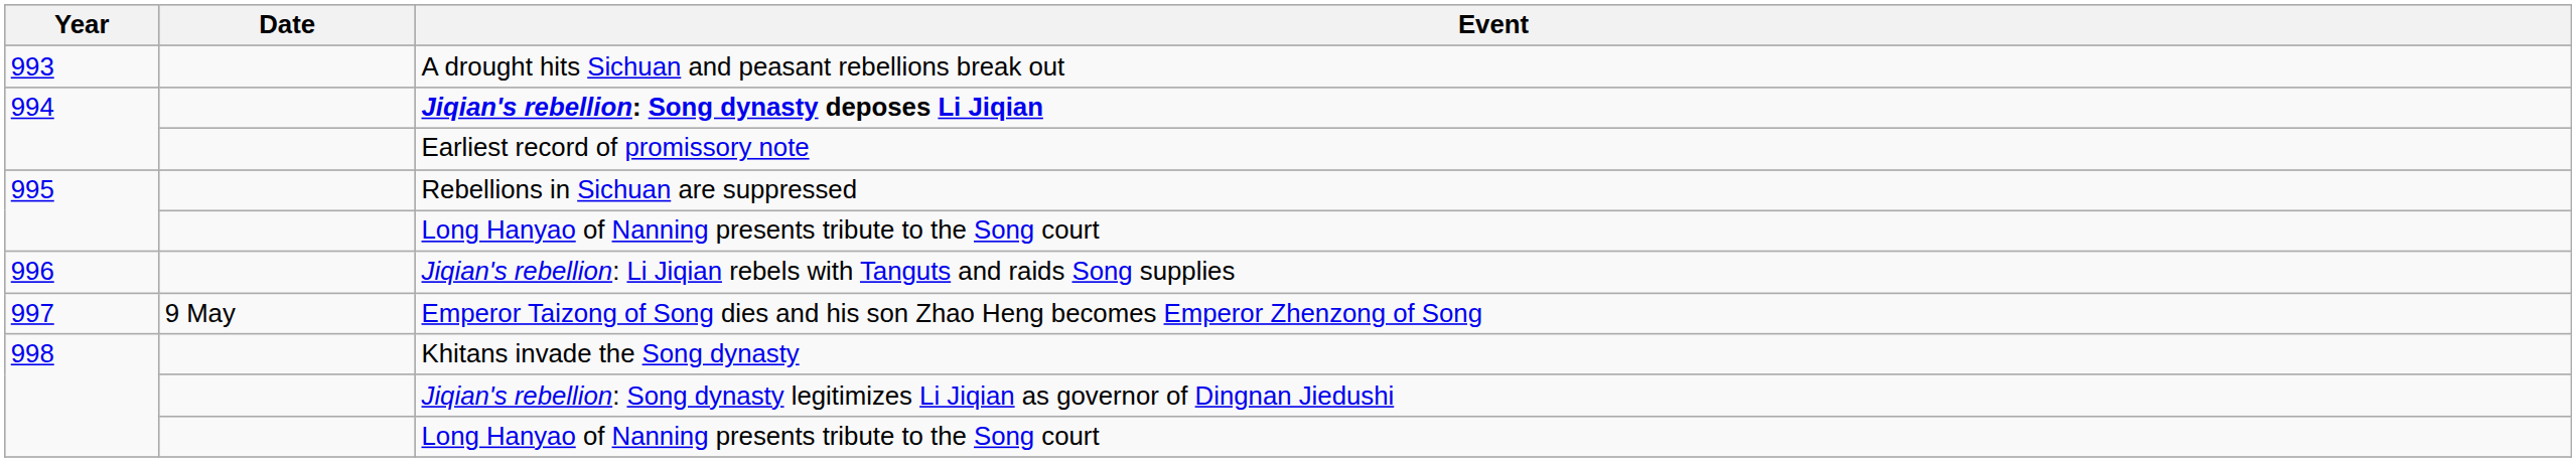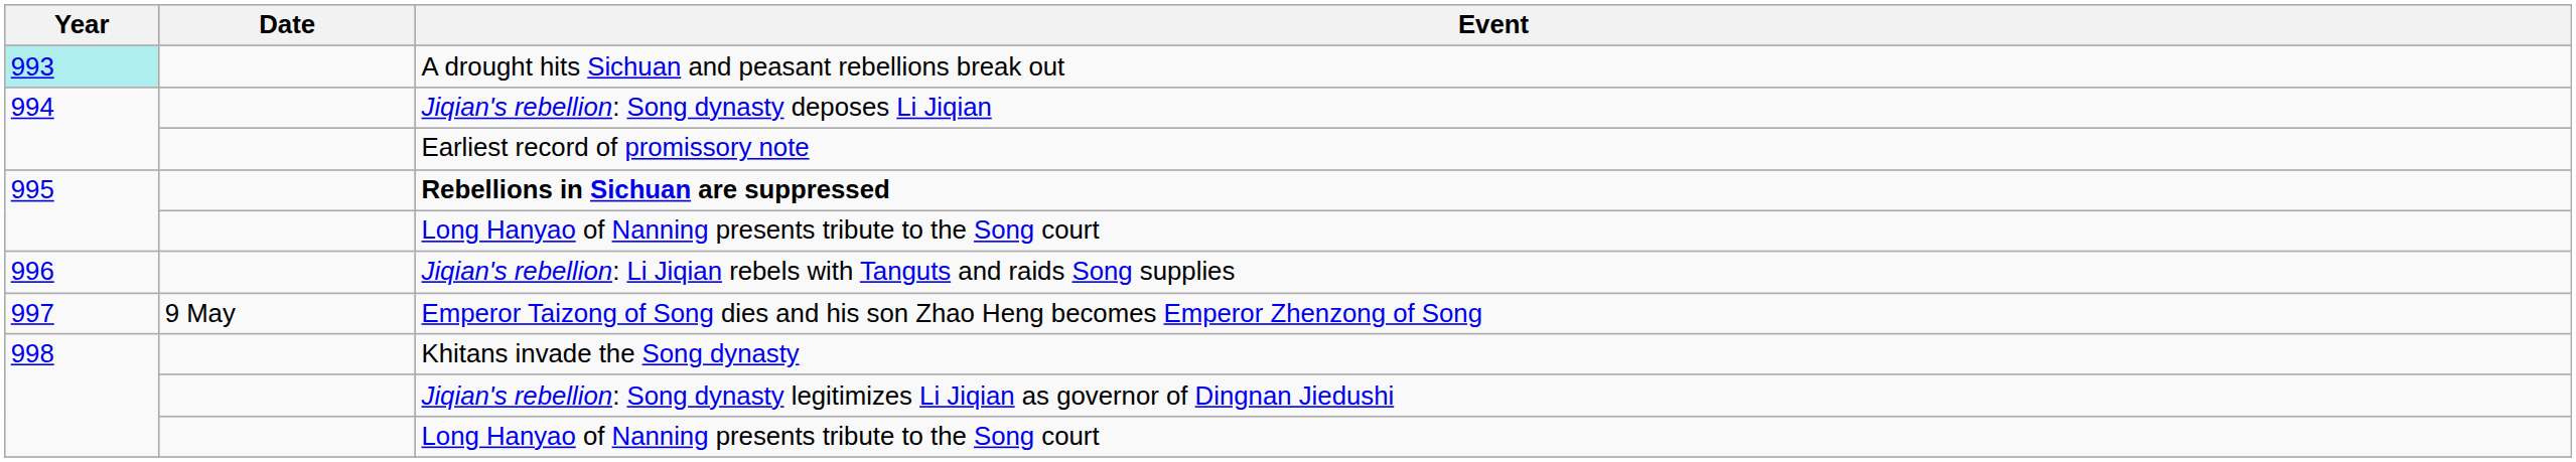 <table class="wikitable" width="100%">
 <tr>
 <th style="width:6%">Year</th>
 <th style="width:10%">Date</th>
 <th>Event</th>
 </tr>
 <tr>
-<td><a href='#'>993</a></td>
+<td style="background: paleturquoise;"><a href='#'>993</a></td>
 <td></td>
 <td>A drought hits <a href='#'>Sichuan</a> and peasant rebellions break out</td>
 </tr>
 <tr>
 <td rowspan="2" valign="top"><a href='#'>994</a></td>
 <td></td>
-<td><strong><em><a href='#'>Jiqian's rebellion</a></em>: <a href='#'>Song dynasty</a> deposes <a href='#'>Li Jiqian</a></strong></td>
+<td><em><a href='#'>Jiqian's rebellion</a></em>: <a href='#'>Song dynasty</a> deposes <a href='#'>Li Jiqian</a></td>
 </tr>
 <tr>
 <td></td>
 <td>Earliest record of <a href='#'>promissory note</a></td>
 </tr>
 <tr>
 <td rowspan="2" valign="top"><a href='#'>995</a></td>
 <td></td>
-<td>Rebellions in <a href='#'>Sichuan</a> are suppressed</td>
+<td><strong>Rebellions in <a href='#'>Sichuan</a> are suppressed</strong></td>
 </tr>
 <tr>
 <td></td>
 <td><a href='#'>Long Hanyao</a> of <a href='#'>Nanning</a> presents tribute to the <a href='#'>Song</a> court</td>
 </tr>
 <tr>
 <td><a href='#'>996</a></td>
 <td></td>
 <td><em><a href='#'>Jiqian's rebellion</a></em>: <a href='#'>Li Jiqian</a> rebels with <a href='#'>Tanguts</a> and raids <a href='#'>Song</a> supplies</td>
 </tr>
 <tr>
 <td><a href='#'>997</a></td>
 <td>9 May</td>
 <td><a href='#'>Emperor Taizong of Song</a> dies and his son Zhao Heng becomes <a href='#'>Emperor Zhenzong of Song</a></td>
 </tr>
 <tr>
 <td rowspan="3" valign="top"><a href='#'>998</a></td>
 <td></td>
 <td>Khitans invade the <a href='#'>Song dynasty</a></td>
 </tr>
 <tr>
 <td></td>
 <td><em><a href='#'>Jiqian's rebellion</a></em>: <a href='#'>Song dynasty</a> legitimizes <a href='#'>Li Jiqian</a> as governor of <a href='#'>Dingnan Jiedushi</a></td>
 </tr>
 <tr>
 <td></td>
 <td><a href='#'>Long Hanyao</a> of <a href='#'>Nanning</a> presents tribute to the <a href='#'>Song</a> court</td>
 </tr>
 </table>
